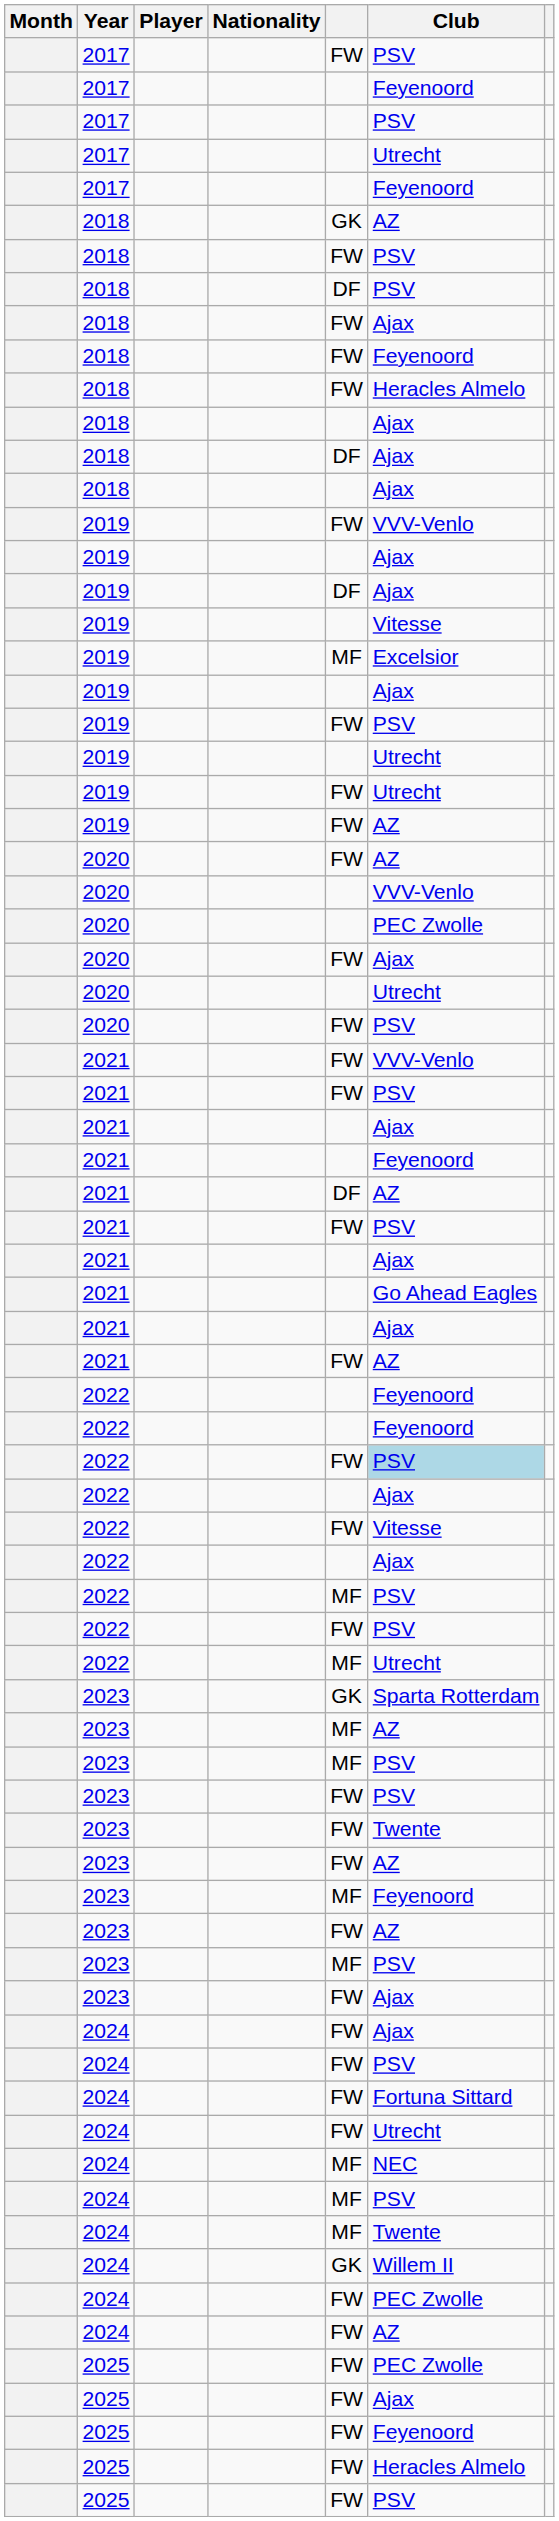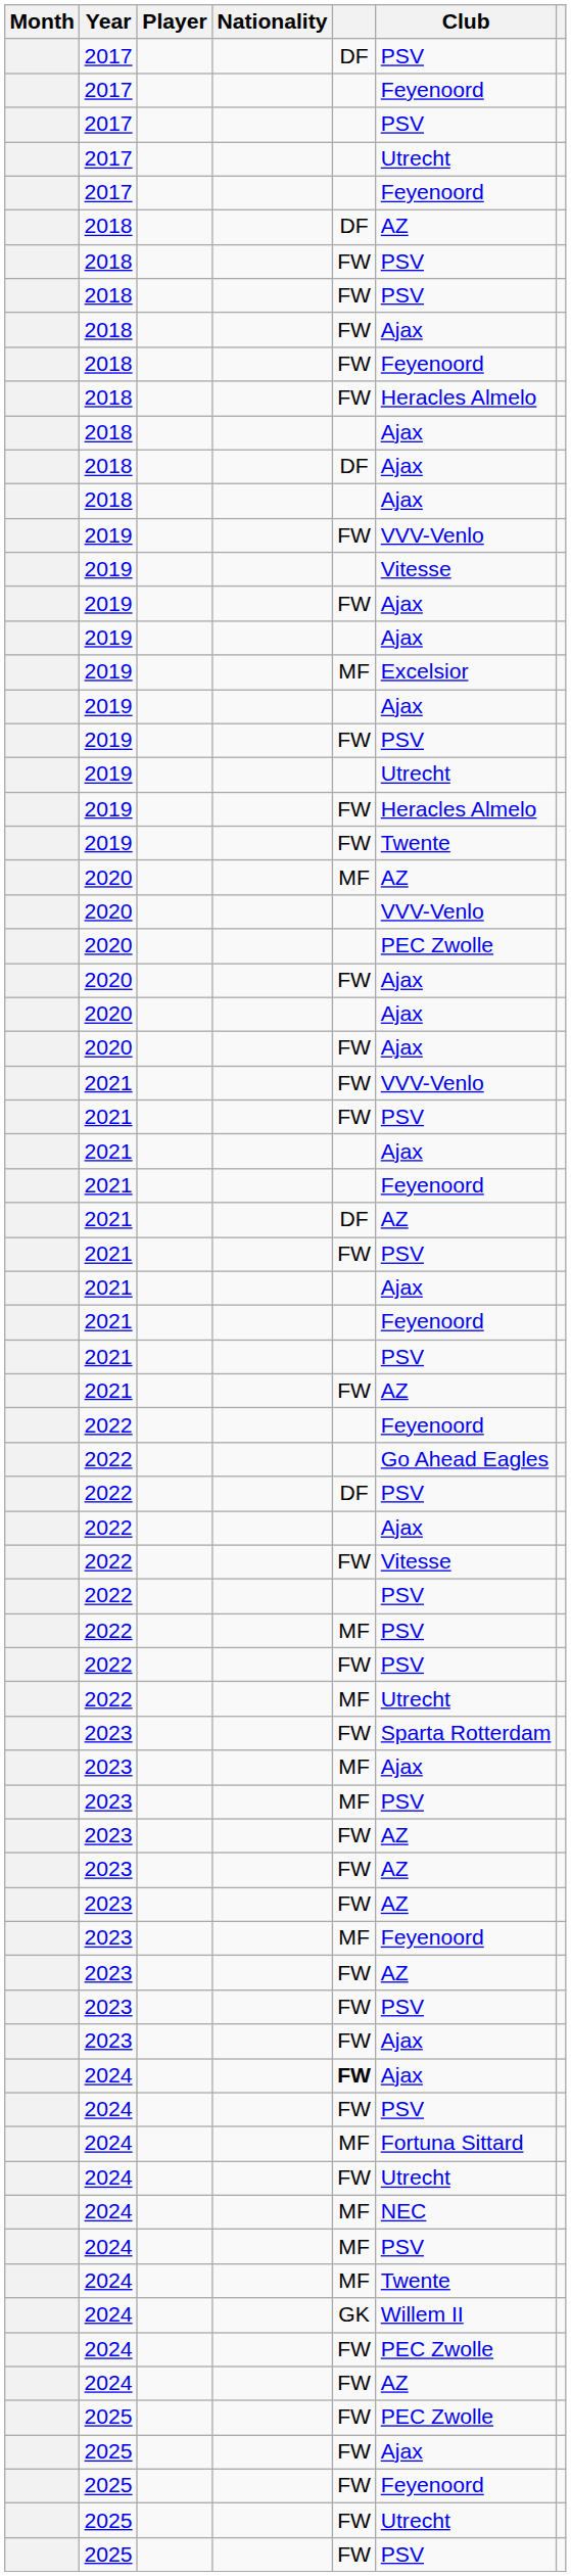 <table class="wikitable sortable">
 <tr>
 <th>Month</th>
 <th>Year</th>
 <th>Player</th>
 <th>Nationality</th>
 <th></th>
 <th>Club</th>
 <th></th>
 </tr>
 <tr>
 <th></th>
 <td><a href='#'>2017</a></td>
 <td></td>
 <td></td>
-<td align=center>FW</td>
+<td align=center>DF</td>
 <td><a href='#'>PSV</a></td>
 <td align=center></td>
 </tr>
 <tr>
 <th></th>
 <td><a href='#'>2017</a></td>
 <td></td>
 <td></td>
 <td align=center></td>
 <td><a href='#'>Feyenoord</a></td>
 <td></td>
 </tr>
 <tr>
 <th></th>
 <td><a href='#'>2017</a></td>
 <td></td>
 <td></td>
 <td align=center></td>
 <td><a href='#'>PSV</a></td>
 <td align=center></td>
 </tr>
 <tr>
 <th></th>
 <td><a href='#'>2017</a></td>
 <td></td>
 <td></td>
 <td align=center></td>
 <td><a href='#'>Utrecht</a></td>
 <td align=center></td>
 </tr>
 <tr>
 <th></th>
 <td><a href='#'>2017</a></td>
 <td></td>
 <td></td>
 <td align=center></td>
 <td><a href='#'>Feyenoord</a></td>
 <td align=center></td>
 </tr>
 <tr>
 <th></th>
 <td><a href='#'>2018</a></td>
 <td></td>
 <td></td>
-<td align=center>GK</td>
+<td align=center>DF</td>
 <td><a href='#'>AZ</a></td>
 <td align=center></td>
 </tr>
 <tr>
 <th></th>
 <td><a href='#'>2018</a></td>
 <td></td>
 <td></td>
 <td align=center>FW</td>
 <td><a href='#'>PSV</a></td>
 <td align=center></td>
 </tr>
 <tr>
 <th></th>
 <td><a href='#'>2018</a></td>
 <td></td>
 <td></td>
-<td align=center>DF</td>
+<td align=center>FW</td>
 <td><a href='#'>PSV</a></td>
 <td align=center></td>
 </tr>
 <tr>
 <th></th>
 <td><a href='#'>2018</a></td>
 <td></td>
 <td></td>
 <td align=center>FW</td>
 <td><a href='#'>Ajax</a></td>
 <td></td>
 </tr>
 <tr>
 <th></th>
 <td><a href='#'>2018</a></td>
 <td></td>
 <td></td>
 <td align=center>FW</td>
 <td><a href='#'>Feyenoord</a></td>
 <td align=center></td>
 </tr>
 <tr>
 <th></th>
 <td><a href='#'>2018</a></td>
 <td></td>
 <td></td>
 <td align=center>FW</td>
 <td><a href='#'>Heracles Almelo</a></td>
 <td></td>
 </tr>
 <tr>
 <th></th>
 <td><a href='#'>2018</a></td>
 <td></td>
 <td></td>
 <td align=center></td>
 <td><a href='#'>Ajax</a></td>
 <td align=center></td>
 </tr>
 <tr>
 <th></th>
 <td><a href='#'>2018</a></td>
 <td></td>
 <td></td>
 <td align=center>DF</td>
 <td><a href='#'>Ajax</a></td>
 <td align=center></td>
 </tr>
 <tr>
 <th></th>
 <td><a href='#'>2018</a></td>
 <td></td>
 <td></td>
 <td align=center></td>
 <td><a href='#'>Ajax</a></td>
 <td align=center></td>
 </tr>
 <tr>
 <th></th>
 <td><a href='#'>2019</a></td>
 <td></td>
 <td></td>
 <td align=center>FW</td>
 <td><a href='#'>VVV-Venlo</a></td>
 <td align=center></td>
 </tr>
 <tr>
 <th></th>
 <td><a href='#'>2019</a></td>
 <td></td>
 <td></td>
 <td align=center></td>
-<td><a href='#'>Ajax</a></td>
+<td><a href='#'>Vitesse</a></td>
 <td align=center></td>
 </tr>
 <tr>
 <th></th>
 <td><a href='#'>2019</a></td>
 <td></td>
 <td></td>
-<td align=center>DF</td>
+<td align=center>FW</td>
 <td><a href='#'>Ajax</a></td>
 <td align=center></td>
 </tr>
 <tr>
 <th></th>
 <td><a href='#'>2019</a></td>
 <td></td>
 <td></td>
 <td align=center></td>
-<td><a href='#'>Vitesse</a></td>
+<td><a href='#'>Ajax</a></td>
 <td align=center></td>
 </tr>
 <tr>
 <th></th>
 <td><a href='#'>2019</a></td>
 <td></td>
 <td></td>
 <td align=center>MF</td>
 <td><a href='#'>Excelsior</a></td>
 <td align=center></td>
 </tr>
 <tr>
 <th></th>
 <td><a href='#'>2019</a></td>
 <td></td>
 <td></td>
 <td align=center></td>
 <td><a href='#'>Ajax</a></td>
 <td align=center></td>
 </tr>
 <tr>
 <th></th>
 <td><a href='#'>2019</a></td>
 <td></td>
 <td></td>
 <td align=center>FW</td>
 <td><a href='#'>PSV</a></td>
 <td align=center></td>
 </tr>
 <tr>
 <th></th>
 <td><a href='#'>2019</a></td>
 <td></td>
 <td></td>
 <td align=center></td>
 <td><a href='#'>Utrecht</a></td>
 <td align=center></td>
 </tr>
 <tr>
 <th></th>
 <td><a href='#'>2019</a></td>
 <td></td>
 <td></td>
 <td align=center>FW</td>
-<td><a href='#'>Utrecht</a></td>
+<td><a href='#'>Heracles Almelo</a></td>
 <td align=center></td>
 </tr>
 <tr>
 <th></th>
 <td><a href='#'>2019</a></td>
 <td></td>
 <td></td>
 <td align=center>FW</td>
-<td><a href='#'>AZ</a></td>
+<td><a href='#'>Twente</a></td>
 <td align=center></td>
 </tr>
 <tr>
 <th></th>
 <td><a href='#'>2020</a></td>
 <td></td>
 <td></td>
-<td align=center>FW</td>
+<td align=center>MF</td>
 <td><a href='#'>AZ</a></td>
 <td align=center></td>
 </tr>
 <tr>
 <th></th>
 <td><a href='#'>2020</a></td>
 <td></td>
 <td></td>
 <td align=center></td>
 <td><a href='#'>VVV-Venlo</a></td>
 <td align=center></td>
 </tr>
 <tr>
 <th></th>
 <td><a href='#'>2020</a></td>
 <td></td>
 <td></td>
 <td align=center></td>
 <td><a href='#'>PEC Zwolle</a></td>
 <td align=center></td>
 </tr>
 <tr>
 <th></th>
 <td><a href='#'>2020</a></td>
 <td></td>
 <td></td>
 <td align=center>FW</td>
 <td><a href='#'>Ajax</a></td>
 <td align=center></td>
 </tr>
 <tr>
 <th></th>
 <td><a href='#'>2020</a></td>
 <td></td>
 <td></td>
 <td align=center></td>
-<td><a href='#'>Utrecht</a></td>
+<td><a href='#'>Ajax</a></td>
 <td align=center></td>
 </tr>
 <tr>
 <th></th>
 <td><a href='#'>2020</a></td>
 <td></td>
 <td></td>
 <td align=center>FW</td>
-<td><a href='#'>PSV</a></td>
+<td><a href='#'>Ajax</a></td>
 <td align=center></td>
 </tr>
 <tr>
 <th></th>
 <td><a href='#'>2021</a></td>
 <td></td>
 <td></td>
 <td align=center>FW</td>
 <td><a href='#'>VVV-Venlo</a></td>
 <td align=center></td>
 </tr>
 <tr>
 <th></th>
 <td><a href='#'>2021</a></td>
 <td></td>
 <td></td>
 <td align=center>FW</td>
 <td><a href='#'>PSV</a></td>
 <td align=center></td>
 </tr>
 <tr>
 <th></th>
 <td><a href='#'>2021</a></td>
 <td></td>
 <td></td>
 <td align=center></td>
 <td><a href='#'>Ajax</a></td>
 <td align=center></td>
 </tr>
 <tr>
 <th></th>
 <td><a href='#'>2021</a></td>
 <td></td>
 <td></td>
 <td align=center></td>
 <td><a href='#'>Feyenoord</a></td>
 <td align=center></td>
 </tr>
 <tr>
 <th></th>
 <td><a href='#'>2021</a></td>
 <td></td>
 <td></td>
 <td align=center>DF</td>
 <td><a href='#'>AZ</a></td>
 <td align=center></td>
 </tr>
 <tr>
 <th></th>
 <td><a href='#'>2021</a></td>
 <td></td>
 <td></td>
 <td align=center>FW</td>
 <td><a href='#'>PSV</a></td>
 <td align=center></td>
 </tr>
 <tr>
 <th></th>
 <td><a href='#'>2021</a></td>
 <td></td>
 <td></td>
 <td align=center></td>
 <td><a href='#'>Ajax</a></td>
 <td align=center></td>
 </tr>
 <tr>
 <th></th>
 <td><a href='#'>2021</a></td>
 <td></td>
 <td></td>
 <td align=center></td>
-<td><a href='#'>Go Ahead Eagles</a></td>
+<td><a href='#'>Feyenoord</a></td>
 <td align=center></td>
 </tr>
 <tr>
 <th></th>
 <td><a href='#'>2021</a></td>
 <td></td>
 <td></td>
 <td align=center></td>
-<td><a href='#'>Ajax</a></td>
+<td><a href='#'>PSV</a></td>
 <td align=center></td>
 </tr>
 <tr>
 <th></th>
 <td><a href='#'>2021</a></td>
 <td></td>
 <td></td>
 <td align=center>FW</td>
 <td><a href='#'>AZ</a></td>
 <td align=center></td>
 </tr>
 <tr>
 <th></th>
 <td><a href='#'>2022</a></td>
 <td></td>
 <td></td>
 <td align=center></td>
 <td><a href='#'>Feyenoord</a></td>
 <td align=center></td>
 </tr>
 <tr>
 <th></th>
 <td><a href='#'>2022</a></td>
 <td></td>
 <td></td>
 <td align=center></td>
-<td><a href='#'>Feyenoord</a></td>
+<td><a href='#'>Go Ahead Eagles</a></td>
 <td align=center></td>
 </tr>
 <tr>
 <th></th>
 <td><a href='#'>2022</a></td>
 <td></td>
 <td></td>
-<td align=center>FW</td>
-<td style="background: lightblue;"><a href='#'>PSV</a></td>
+<td align=center>DF</td>
+<td><a href='#'>PSV</a></td>
 <td align=center></td>
 </tr>
 <tr>
 <th></th>
 <td><a href='#'>2022</a></td>
 <td></td>
 <td></td>
 <td align=center></td>
 <td><a href='#'>Ajax</a></td>
 <td align=center></td>
 </tr>
 <tr>
 <th></th>
 <td><a href='#'>2022</a></td>
 <td></td>
 <td></td>
 <td align=center>FW</td>
 <td><a href='#'>Vitesse</a></td>
 <td align=center></td>
 </tr>
 <tr>
 <th></th>
 <td><a href='#'>2022</a></td>
 <td></td>
 <td></td>
 <td align=center></td>
-<td><a href='#'>Ajax</a></td>
+<td><a href='#'>PSV</a></td>
 <td align=center></td>
 </tr>
 <tr>
 <th></th>
 <td><a href='#'>2022</a></td>
 <td></td>
 <td></td>
 <td align=center>MF</td>
 <td><a href='#'>PSV</a></td>
 <td align=center></td>
 </tr>
 <tr>
 <th></th>
 <td><a href='#'>2022</a></td>
 <td></td>
 <td></td>
 <td align=center>FW</td>
 <td><a href='#'>PSV</a></td>
 <td align=center></td>
 </tr>
 <tr>
 <th></th>
 <td><a href='#'>2022</a></td>
 <td></td>
 <td></td>
 <td align=center>MF</td>
 <td><a href='#'>Utrecht</a></td>
 <td align=center></td>
 </tr>
 <tr>
 <th></th>
 <td><a href='#'>2023</a></td>
 <td></td>
 <td></td>
-<td align=center>GK</td>
+<td align=center>FW</td>
 <td><a href='#'>Sparta Rotterdam</a></td>
 <td align=center></td>
 </tr>
 <tr>
 <th></th>
 <td><a href='#'>2023</a></td>
 <td></td>
 <td></td>
 <td align=center>MF</td>
-<td><a href='#'>AZ</a></td>
+<td><a href='#'>Ajax</a></td>
 <td align=center></td>
 </tr>
 <tr>
 <th></th>
 <td><a href='#'>2023</a></td>
 <td></td>
 <td></td>
 <td align=center>MF</td>
 <td><a href='#'>PSV</a></td>
 <td align=center></td>
 </tr>
 <tr>
 <th></th>
 <td><a href='#'>2023</a></td>
 <td></td>
 <td></td>
 <td align=center>FW</td>
-<td><a href='#'>PSV</a></td>
+<td><a href='#'>AZ</a></td>
 <td align=center></td>
 </tr>
 <tr>
 <th></th>
 <td><a href='#'>2023</a></td>
 <td></td>
 <td></td>
 <td align=center>FW</td>
-<td><a href='#'>Twente</a></td>
+<td><a href='#'>AZ</a></td>
 <td align=center></td>
 </tr>
 <tr>
 <th></th>
 <td><a href='#'>2023</a></td>
 <td></td>
 <td></td>
 <td align=center>FW</td>
 <td><a href='#'>AZ</a></td>
 <td align=center></td>
 </tr>
 <tr>
 <th></th>
 <td><a href='#'>2023</a></td>
 <td></td>
 <td></td>
 <td align=center>MF</td>
 <td><a href='#'>Feyenoord</a></td>
 <td align=center></td>
 </tr>
 <tr>
 <th></th>
 <td><a href='#'>2023</a></td>
 <td></td>
 <td></td>
 <td align=center>FW</td>
 <td><a href='#'>AZ</a></td>
 <td align=center></td>
 </tr>
 <tr>
 <th></th>
 <td><a href='#'>2023</a></td>
 <td></td>
 <td></td>
-<td align=center>MF</td>
+<td align=center>FW</td>
 <td><a href='#'>PSV</a></td>
 <td align=center></td>
 </tr>
 <tr>
 <th></th>
 <td><a href='#'>2023</a></td>
 <td></td>
 <td></td>
 <td align=center>FW</td>
 <td><a href='#'>Ajax</a></td>
 <td align=center></td>
 </tr>
 <tr>
 <th></th>
 <td><a href='#'>2024</a></td>
 <td></td>
 <td></td>
-<td align=center>FW</td>
+<td align=center><strong>FW</strong></td>
 <td><a href='#'>Ajax</a></td>
 <td align=center></td>
 </tr>
 <tr>
 <th></th>
 <td><a href='#'>2024</a></td>
 <td></td>
 <td></td>
 <td align=center>FW</td>
 <td><a href='#'>PSV</a></td>
 <td align=center></td>
 </tr>
 <tr>
 <th></th>
 <td><a href='#'>2024</a></td>
 <td></td>
 <td></td>
-<td align=center>FW</td>
+<td align=center>MF</td>
 <td><a href='#'>Fortuna Sittard</a></td>
 <td align=center></td>
 </tr>
 <tr>
 <th></th>
 <td><a href='#'>2024</a></td>
 <td></td>
 <td></td>
 <td align=center>FW</td>
 <td><a href='#'>Utrecht</a></td>
 <td align=center></td>
 </tr>
 <tr>
 <th></th>
 <td><a href='#'>2024</a></td>
 <td></td>
 <td></td>
 <td align=center>MF</td>
 <td><a href='#'>NEC</a></td>
 <td align=center></td>
 </tr>
 <tr>
 <th></th>
 <td><a href='#'>2024</a></td>
 <td></td>
 <td></td>
 <td align=center>MF</td>
 <td><a href='#'>PSV</a></td>
 <td align=center></td>
 </tr>
 <tr>
 <th></th>
 <td><a href='#'>2024</a></td>
 <td></td>
 <td></td>
 <td align=center>MF</td>
 <td><a href='#'>Twente</a></td>
 <td align=center></td>
 </tr>
 <tr>
 <th></th>
 <td><a href='#'>2024</a></td>
 <td></td>
 <td></td>
 <td align=center>GK</td>
 <td><a href='#'>Willem II</a></td>
 <td align=center></td>
 </tr>
 <tr>
 <th></th>
 <td><a href='#'>2024</a></td>
 <td></td>
 <td></td>
 <td align=center>FW</td>
 <td><a href='#'>PEC Zwolle</a></td>
 <td align=center></td>
 </tr>
 <tr>
 <th></th>
 <td><a href='#'>2024</a></td>
 <td></td>
 <td></td>
 <td align=center>FW</td>
 <td><a href='#'>AZ</a></td>
 <td align=center></td>
 </tr>
 <tr>
 <th></th>
 <td><a href='#'>2025</a></td>
 <td></td>
 <td></td>
 <td align=center>FW</td>
 <td><a href='#'>PEC Zwolle</a></td>
 <td align=center></td>
 </tr>
 <tr>
 <th></th>
 <td><a href='#'>2025</a></td>
 <td></td>
 <td></td>
 <td align=center>FW</td>
 <td><a href='#'>Ajax</a></td>
 <td align=center></td>
 </tr>
 <tr>
 <th></th>
 <td><a href='#'>2025</a></td>
 <td></td>
 <td></td>
 <td align=center>FW</td>
 <td><a href='#'>Feyenoord</a></td>
 <td align=center></td>
 </tr>
 <tr>
 <th></th>
 <td><a href='#'>2025</a></td>
 <td></td>
 <td></td>
 <td align=center>FW</td>
-<td><a href='#'>Heracles Almelo</a></td>
+<td><a href='#'>Utrecht</a></td>
 <td align=center></td>
 </tr>
 <tr>
 <th></th>
 <td><a href='#'>2025</a></td>
 <td></td>
 <td></td>
 <td align=center>FW</td>
 <td><a href='#'>PSV</a></td>
 <td align=center></td>
 </tr>
 </table>
